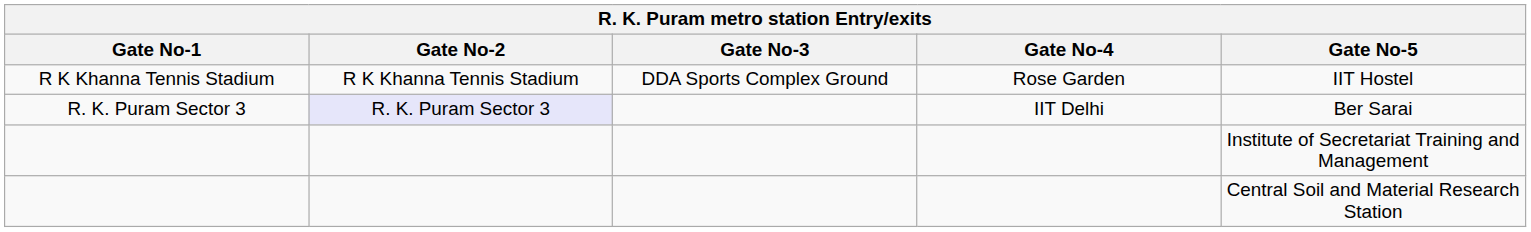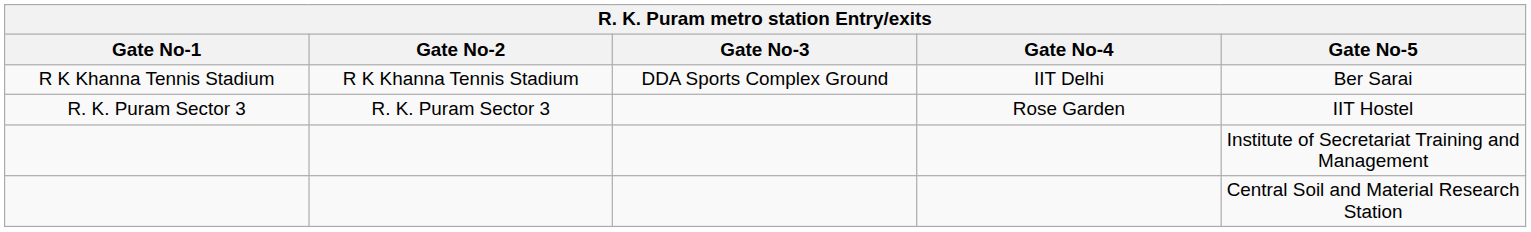 <table class="wikitable" style="text-align: center;" width="65%">
 <tr>
 <th align="center" colspan="5" style="background:#"><span>R. K. Puram metro station Entry/exits</span></th>
 </tr>
 <tr>
 <th style="width:15%;">Gate No-1 </th>
 <th style="width:15%;">Gate No-2 </th>
 <th style="width:15%;">Gate No-3 </th>
 <th style="width:15%;">Gate No-4</th>
 <th style="width:15%;">Gate No-5 </th>
 </tr>
 <tr>
 <td>R K Khanna Tennis Stadium</td>
 <td>R K Khanna Tennis Stadium</td>
 <td>DDA Sports Complex Ground</td>
-<td>Rose Garden</td>
-<td>IIT Hostel</td>
+<td>IIT Delhi</td>
+<td>Ber Sarai</td>
 </tr>
 <tr>
 <td>R. K. Puram Sector 3</td>
-<td style="background: lavender;">R. K. Puram Sector 3</td>
+<td>R. K. Puram Sector 3</td>
 <td></td>
-<td>IIT Delhi</td>
-<td>Ber Sarai</td>
+<td>Rose Garden</td>
+<td>IIT Hostel</td>
 </tr>
 <tr>
 <td></td>
 <td></td>
 <td></td>
 <td></td>
 <td>Institute of Secretariat Training and Management</td>
 </tr>
 <tr>
 <td></td>
 <td></td>
 <td></td>
 <td></td>
 <td>Central Soil and Material Research Station</td>
 </tr>
 </table>
